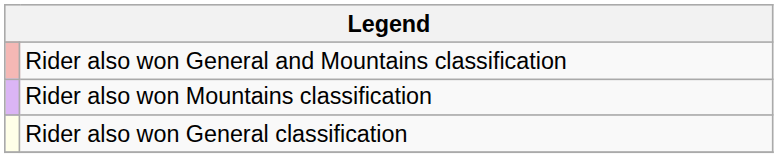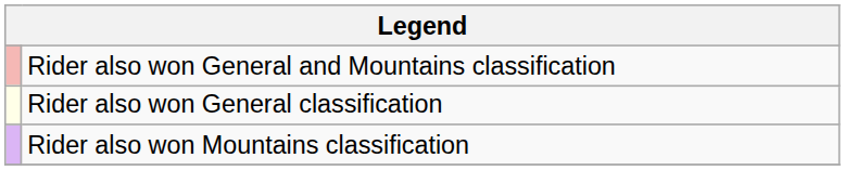 <table class="wikitable nowrap" style="font-size:90%; width: 33em;">
 <tr>
 <th colspan="2">Legend</th>
 </tr>
 <tr>
 <td style="background: #f5b8b5"></td>
 <td>Rider also won General and Mountains classification</td>
 </tr>
 <tr>
+<td style="background: #ffffe8"></td>
+<td>Rider also won General classification</td>
+</tr>
+<tr>
 <td style="background: #dbb5f5"></td>
 <td>Rider also won Mountains classification</td>
 </tr>
 <tr>
-<td style="background: #ffffe8"></td>
-<td>Rider also won General classification</td>
-</tr>
-<tr>
 </tr>
 </table>
